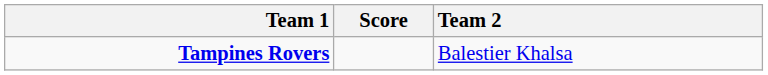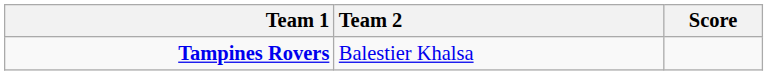 <table class="wikitable" style="align:center">
 <tr>
 <th width=250 style="text-align:right">Team 1</th>
+<th width=250 style="text-align:left">Team 2</th>
 <th width=70 style="text-align:center">Score</th>
-<th width=250 style="text-align:left">Team 2</th>
 </tr>
 <tr>
 <td align="right"><strong><a href='#'>Tampines Rovers</a></strong></td>
+<td><a href='#'>Balestier Khalsa</a></td>
 <td align="center"><span><strong></strong></span></td>
-<td><a href='#'>Balestier Khalsa</a></td>
 </tr>
 </table>
